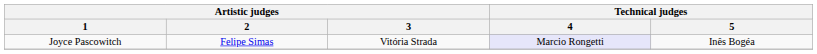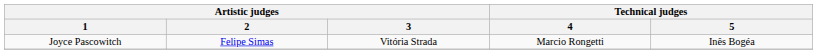 <table class="wikitable" style="font-size:100%; line-height:16px; text-align:center" width="100%">
 <tr>
 <th colspan=3>Artistic judges</th>
 <th colspan=2>Technical judges</th>
 </tr>
 <tr>
 <th width="20.0%">1</th>
 <th width="20.0%">2</th>
 <th width="20.0%">3</th>
 <th width="20.0%">4</th>
 <th width="20.0%">5</th>
 </tr>
 <tr>
 <td>Joyce Pascowitch</td>
 <td><a href='#'>Felipe Simas</a></td>
 <td>Vitória Strada</td>
-<td style="background: lavender;">Marcio Rongetti</td>
+<td>Marcio Rongetti</td>
 <td>Inês Bogéa</td>
 </tr>
 <tr>
 </tr>
 </table>
